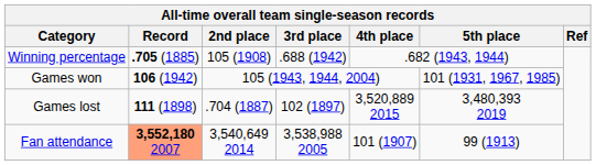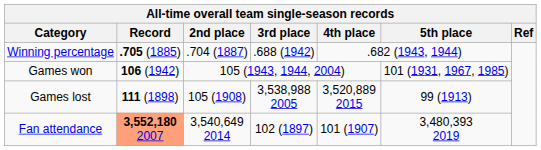 <table class="wikitable unsortable" style="text-align:center">
 <tr>
 <th colspan=7><strong>All-time overall team single-season records</strong></th>
 </tr>
 <tr>
 <th scope="col">Category</th>
 <th scope="col">Record</th>
 <th scope="col">2nd place</th>
 <th scope="col">3rd place</th>
 <th scope="col">4th place</th>
 <th scope="col">5th place</th>
 <th scope="col">Ref</th>
 </tr>
 <tr>
 <td><a href='#'>Winning percentage</a></td>
 <td><strong>.705</strong> (<a href='#'>1885</a>)</td>
-<td>105 (<a href='#'>1908</a>)</td>
+<td>.704 (<a href='#'>1887</a>)</td>
 <td>.688 (<a href='#'>1942</a>)</td>
 <td colspan="2" style="text-align: center;">.682 (<a href='#'>1943</a>, <a href='#'>1944</a>)</td>
 <td rowspan="4" style="text-align: center;"></td>
 </tr>
 <tr>
 <td>Games won</td>
 <td><strong>106</strong> (<a href='#'>1942</a>)</td>
 <td colspan="3" style="text-align: center;">105 (<a href='#'>1943</a>, <a href='#'>1944</a>, <a href='#'>2004</a>)</td>
 <td>101 (<a href='#'>1931</a>, <a href='#'>1967</a>, <a href='#'>1985</a>)</td>
 </tr>
 <tr>
 <td>Games lost</td>
 <td><strong>111</strong> (<a href='#'>1898</a>)</td>
-<td>.704 (<a href='#'>1887</a>)</td>
-<td>102 (<a href='#'>1897</a>)</td>
+<td>105 (<a href='#'>1908</a>)</td>
+<td>3,538,988 <br><a href='#'>2005</a></td>
 <td>3,520,889 <br><a href='#'>2015</a></td>
-<td>3,480,393 <br><a href='#'>2019</a></td>
+<td>99 (<a href='#'>1913</a>)</td>
 </tr>
 <tr>
 <td><a href='#'>Fan attendance</a></td>
 <td style="background: lightsalmon;"><strong>3,552,180</strong><br><a href='#'>2007</a></td>
 <td>3,540,649 <br><a href='#'>2014</a></td>
-<td>3,538,988 <br><a href='#'>2005</a></td>
+<td>102 (<a href='#'>1897</a>)</td>
 <td>101 (<a href='#'>1907</a>)</td>
-<td>99 (<a href='#'>1913</a>)</td>
+<td>3,480,393 <br><a href='#'>2019</a></td>
 </tr>
 </table>
